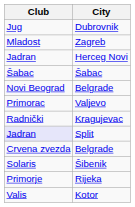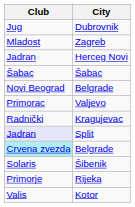 <table class="wikitable sortable">
 <tr>
 <th>Club</th>
 <th>City</th>
 </tr>
 <tr>
 <td> <a href='#'>Jug</a></td>
 <td><a href='#'>Dubrovnik</a></td>
 </tr>
 <tr>
 <td> <a href='#'>Mladost</a></td>
 <td><a href='#'>Zagreb</a></td>
 </tr>
 <tr>
 <td> <a href='#'>Jadran</a></td>
 <td><a href='#'>Herceg Novi</a></td>
 </tr>
 <tr>
 <td> <a href='#'>Šabac</a></td>
 <td><a href='#'>Šabac</a></td>
 </tr>
 <tr>
 <td> <a href='#'>Novi Beograd</a></td>
 <td><a href='#'>Belgrade</a></td>
 </tr>
 <tr>
 <td> <a href='#'>Primorac</a></td>
 <td><a href='#'>Valjevo</a></td>
 </tr>
 <tr>
 <td> <a href='#'>Radnički</a></td>
 <td><a href='#'>Kragujevac</a></td>
 </tr>
 <tr>
 <td style="background: lavender;"> <a href='#'>Jadran</a></td>
 <td><a href='#'>Split</a></td>
 </tr>
 <tr>
-<td> <a href='#'>Crvena zvezda</a></td>
+<td style="background: paleturquoise;"> <a href='#'>Crvena zvezda</a></td>
 <td><a href='#'>Belgrade</a></td>
 </tr>
 <tr>
 <td> <a href='#'>Solaris</a></td>
 <td><a href='#'>Šibenik</a></td>
 </tr>
 <tr>
 <td> <a href='#'>Primorje</a></td>
 <td><a href='#'>Rijeka</a></td>
 </tr>
 <tr>
 <td> <a href='#'>Valis</a></td>
 <td><a href='#'>Kotor</a></td>
 </tr>
 </table>
